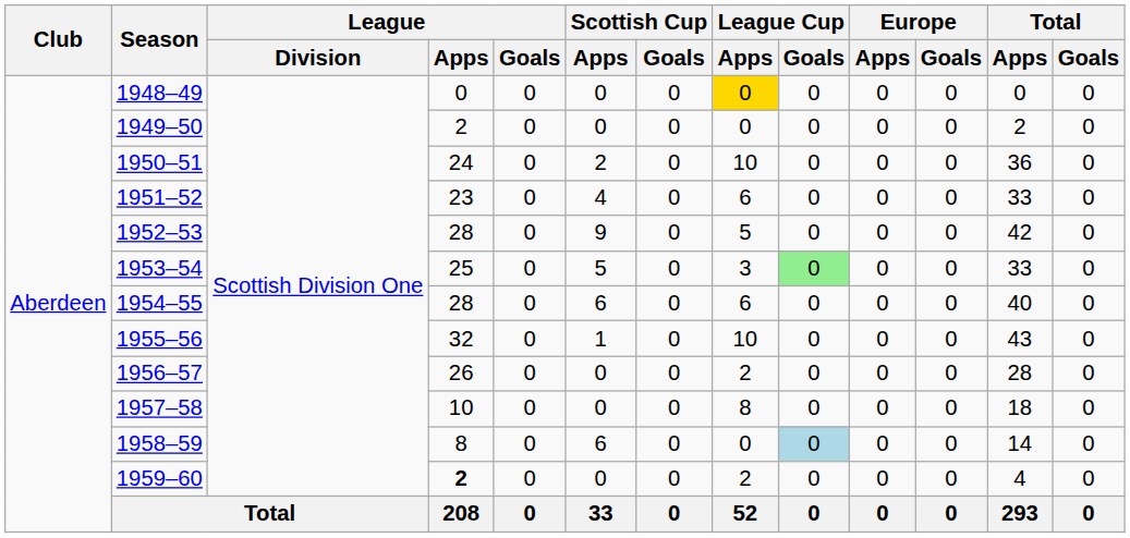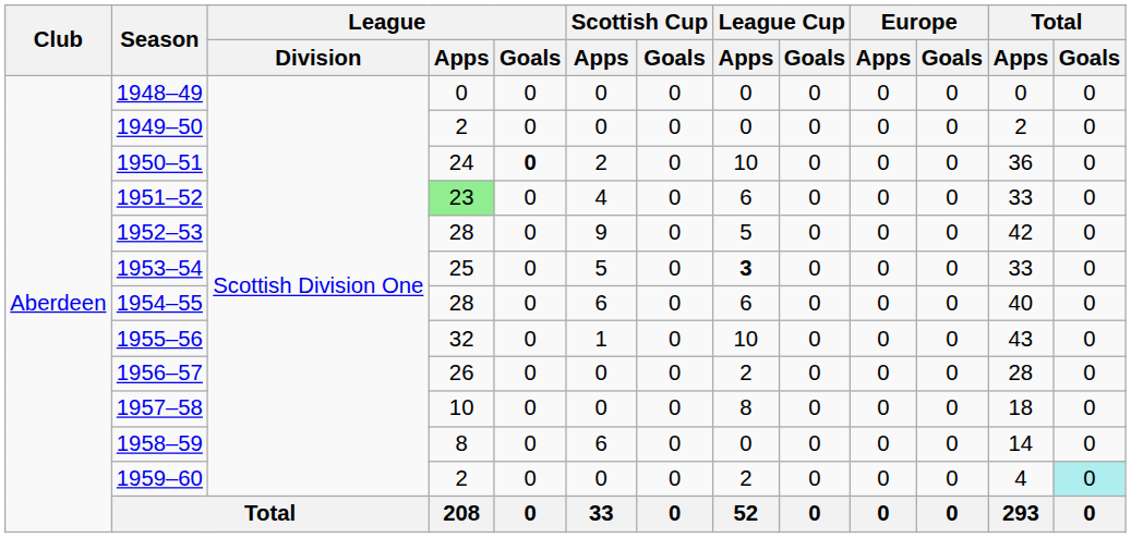 <table class="wikitable" style="text-align:center">
 <tr>
 <th rowspan="2">Club</th>
 <th rowspan="2">Season</th>
 <th colspan="3">League</th>
 <th colspan="2">Scottish Cup</th>
 <th colspan="2">League Cup</th>
 <th colspan="2">Europe</th>
 <th colspan="2">Total</th>
 </tr>
 <tr>
 <th>Division</th>
 <th>Apps</th>
 <th>Goals</th>
 <th>Apps</th>
 <th>Goals</th>
 <th>Apps</th>
 <th>Goals</th>
 <th>Apps</th>
 <th>Goals</th>
 <th>Apps</th>
 <th>Goals</th>
 </tr>
 <tr>
 <td rowspan="13"><a href='#'>Aberdeen</a></td>
 <td><a href='#'>1948–49</a></td>
 <td rowspan="12"><a href='#'>Scottish Division One</a></td>
 <td>0</td>
 <td>0</td>
 <td>0</td>
 <td>0</td>
-<td style="background: gold;">0</td>
+<td>0</td>
 <td>0</td>
 <td>0</td>
 <td>0</td>
 <td>0</td>
 <td>0</td>
 </tr>
 <tr>
 <td><a href='#'>1949–50</a></td>
 <td>2</td>
 <td>0</td>
 <td>0</td>
 <td>0</td>
 <td>0</td>
 <td>0</td>
 <td>0</td>
 <td>0</td>
 <td>2</td>
 <td>0</td>
 </tr>
 <tr>
 <td><a href='#'>1950–51</a></td>
 <td>24</td>
-<td>0</td>
+<td><strong>0</strong></td>
 <td>2</td>
 <td>0</td>
 <td>10</td>
 <td>0</td>
 <td>0</td>
 <td>0</td>
 <td>36</td>
 <td>0</td>
 </tr>
 <tr>
 <td><a href='#'>1951–52</a></td>
-<td>23</td>
+<td style="background: lightgreen;">23</td>
 <td>0</td>
 <td>4</td>
 <td>0</td>
 <td>6</td>
 <td>0</td>
 <td>0</td>
 <td>0</td>
 <td>33</td>
 <td>0</td>
 </tr>
 <tr>
 <td><a href='#'>1952–53</a></td>
 <td>28</td>
 <td>0</td>
 <td>9</td>
 <td>0</td>
 <td>5</td>
 <td>0</td>
 <td>0</td>
 <td>0</td>
 <td>42</td>
 <td>0</td>
 </tr>
 <tr>
 <td><a href='#'>1953–54</a></td>
 <td>25</td>
 <td>0</td>
 <td>5</td>
 <td>0</td>
-<td>3</td>
-<td style="background: lightgreen;">0</td>
+<td><strong>3</strong></td>
+<td>0</td>
 <td>0</td>
 <td>0</td>
 <td>33</td>
 <td>0</td>
 </tr>
 <tr>
 <td><a href='#'>1954–55</a></td>
 <td>28</td>
 <td>0</td>
 <td>6</td>
 <td>0</td>
 <td>6</td>
 <td>0</td>
 <td>0</td>
 <td>0</td>
 <td>40</td>
 <td>0</td>
 </tr>
 <tr>
 <td><a href='#'>1955–56</a></td>
 <td>32</td>
 <td>0</td>
 <td>1</td>
 <td>0</td>
 <td>10</td>
 <td>0</td>
 <td>0</td>
 <td>0</td>
 <td>43</td>
 <td>0</td>
 </tr>
 <tr>
 <td><a href='#'>1956–57</a></td>
 <td>26</td>
 <td>0</td>
 <td>0</td>
 <td>0</td>
 <td>2</td>
 <td>0</td>
 <td>0</td>
 <td>0</td>
 <td>28</td>
 <td>0</td>
 </tr>
 <tr>
 <td><a href='#'>1957–58</a></td>
 <td>10</td>
 <td>0</td>
 <td>0</td>
 <td>0</td>
 <td>8</td>
 <td>0</td>
 <td>0</td>
 <td>0</td>
 <td>18</td>
 <td>0</td>
 </tr>
 <tr>
 <td><a href='#'>1958–59</a></td>
 <td>8</td>
 <td>0</td>
 <td>6</td>
 <td>0</td>
 <td>0</td>
-<td style="background: lightblue;">0</td>
+<td>0</td>
 <td>0</td>
 <td>0</td>
 <td>14</td>
 <td>0</td>
 </tr>
 <tr>
 <td><a href='#'>1959–60</a></td>
-<td><strong>2</strong></td>
+<td>2</td>
 <td>0</td>
 <td>0</td>
 <td>0</td>
 <td>2</td>
 <td>0</td>
 <td>0</td>
 <td>0</td>
 <td>4</td>
-<td>0</td>
+<td style="background: paleturquoise;">0</td>
 </tr>
 <tr>
 <th colspan="2">Total</th>
 <th>208</th>
 <th>0</th>
 <th>33</th>
 <th>0</th>
 <th>52</th>
 <th>0</th>
 <th>0</th>
 <th>0</th>
 <th>293</th>
 <th>0</th>
 </tr>
 </table>
